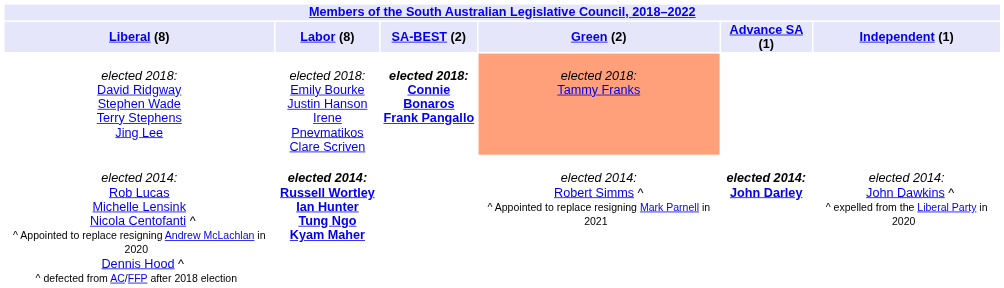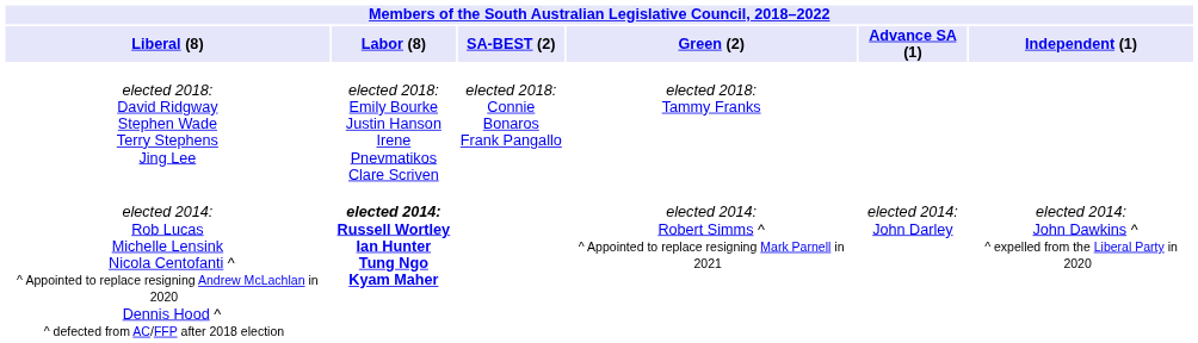 <table class="toccolours" style="table-layout:fixed;">
 <tr>
 <th colspan="6" style="background:lavender;text-align:center;"><a href='#'>Members of the South Australian Legislative Council, 2018–2022</a></th>
 </tr>
 <tr style="background:lavender;text-align:center;">
 <th><a href='#'>Liberal</a> (8)</th>
 <th><a href='#'>Labor</a> (8)</th>
 <th><a href='#'>SA-BEST</a> (2)</th>
 <th><a href='#'>Green</a> (2)</th>
 <th><a href='#'>Advance SA</a> (1)</th>
 <th><a href='#'>Independent</a> (1)</th>
 </tr>
 <tr style="vertical-align:top; text-align:center;">
 <td><br><em>elected 2018:</em><br> <a href='#'>David Ridgway</a><br> <a href='#'>Stephen Wade</a><br> <a href='#'>Terry Stephens</a><br> <a href='#'>Jing Lee</a><br></td>
 <td><br><em>elected 2018:</em><br> <a href='#'>Emily Bourke</a><br> <a href='#'>Justin Hanson</a><br> <a href='#'>Irene Pnevmatikos</a><br> <a href='#'>Clare Scriven</a><br></td>
-<td><strong><br><em>elected 2018:</em><br> <a href='#'>Connie Bonaros</a><br> <a href='#'>Frank Pangallo</a><br></strong></td>
-<td style="background: lightsalmon;"><br><em>elected 2018:</em><br> <a href='#'>Tammy Franks</a><br></td>
+<td><br><em>elected 2018:</em><br> <a href='#'>Connie Bonaros</a><br> <a href='#'>Frank Pangallo</a><br></td>
+<td><br><em>elected 2018:</em><br> <a href='#'>Tammy Franks</a><br></td>
 </tr>
 <tr style="vertical-align:top; text-align:center;">
 <td><br><em>elected 2014:</em><br> <a href='#'>Rob Lucas</a><br> <a href='#'>Michelle Lensink</a><br>   <a href='#'>Nicola Centofanti</a> ^<br><small>^ Appointed to replace resigning <a href='#'>Andrew McLachlan</a> in 2020  </small><br>   <a href='#'>Dennis Hood</a> ^<br><small>^ defected from <a href='#'>AC</a>/<a href='#'>FFP</a> after 2018 election  </small></td>
 <td><strong><br><em>elected 2014:</em><br> <a href='#'>Russell Wortley</a><br> <a href='#'>Ian Hunter</a><br> <a href='#'>Tung Ngo</a><br> <a href='#'>Kyam Maher</a><br></strong></td>
 <td></td>
 <td><br><em>elected 2014:</em><br> <a href='#'>Robert Simms</a> ^<br><small>^ Appointed to replace resigning <a href='#'>Mark Parnell</a> in 2021  </small><br></td>
-<td><strong><br><em>elected 2014:</em><br> <a href='#'>John Darley</a><br></strong></td>
+<td><br><em>elected 2014:</em><br> <a href='#'>John Darley</a><br></td>
 <td><br><em>elected 2014:</em><br>   <a href='#'>John Dawkins</a> ^<br><small>^ expelled from the <a href='#'>Liberal Party</a> in 2020  </small></td>
 </tr>
 <tr style="vertical-align:top; text-align:center;">
 </tr>
 </table>
